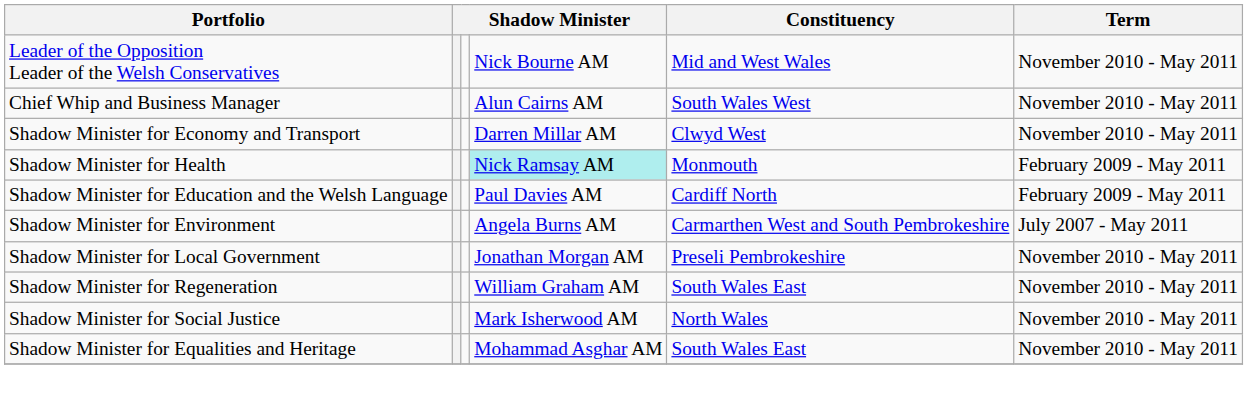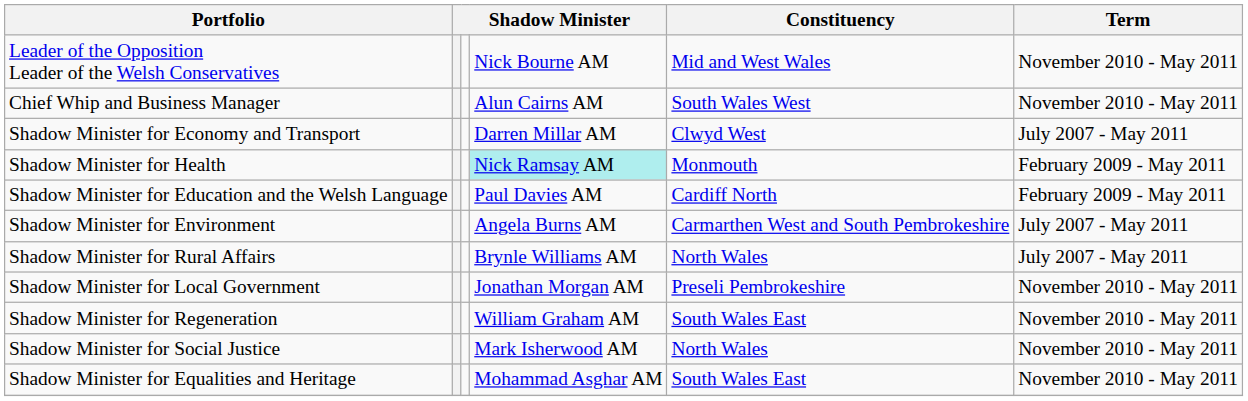 <table class="wikitable">
 <tr>
 <th colspan="1">Portfolio</th>
 <th colspan="3">Shadow Minister</th>
 <th colspan="1">Constituency</th>
 <th colspan="1">Term</th>
 </tr>
 <tr>
 <td><a href='#'>Leader of the Opposition</a> <br> Leader of the <a href='#'>Welsh Conservatives</a></td>
 <th style="background: "></th>
 <td></td>
 <td><a href='#'>Nick Bourne</a> AM</td>
 <td><a href='#'>Mid and West Wales</a></td>
 <td>November 2010 - May 2011</td>
 </tr>
 <tr>
 <td>Chief Whip and Business Manager</td>
 <th style="background: "></th>
 <td></td>
 <td><a href='#'>Alun Cairns</a> AM</td>
 <td><a href='#'>South Wales West</a></td>
 <td>November 2010 - May 2011</td>
 </tr>
 <tr>
 <td>Shadow Minister for Economy and Transport</td>
 <th style="background: "></th>
 <td></td>
 <td><a href='#'>Darren Millar</a> AM</td>
 <td><a href='#'>Clwyd West</a></td>
-<td>November 2010 - May 2011</td>
+<td>July 2007 - May 2011</td>
 </tr>
 <tr>
 <td>Shadow Minister for Health</td>
 <th style="background: "></th>
 <td></td>
 <td style="background: paleturquoise;"><a href='#'>Nick Ramsay</a> AM</td>
 <td><a href='#'>Monmouth</a></td>
 <td>February 2009 - May 2011</td>
 </tr>
 <tr>
 <td>Shadow Minister for Education and the Welsh Language</td>
 <th style="background: "></th>
 <td></td>
 <td><a href='#'>Paul Davies</a> AM</td>
 <td><a href='#'>Cardiff North</a></td>
 <td>February 2009 - May 2011</td>
 </tr>
 <tr>
 <td>Shadow Minister for Environment</td>
 <th style="background: "></th>
 <td></td>
 <td><a href='#'>Angela Burns</a> AM</td>
 <td><a href='#'>Carmarthen West and South Pembrokeshire</a></td>
+<td>July 2007 - May 2011</td>
+</tr>
+<tr>
+<td>Shadow Minister for Rural Affairs</td>
+<th style="background: "></th>
+<td></td>
+<td><a href='#'>Brynle Williams</a> AM</td>
+<td><a href='#'>North Wales</a></td>
 <td>July 2007 - May 2011</td>
 </tr>
 <tr>
 <td>Shadow Minister for Local Government</td>
 <th style="background: "></th>
 <td></td>
 <td><a href='#'>Jonathan Morgan</a> AM</td>
 <td><a href='#'>Preseli Pembrokeshire</a></td>
 <td>November 2010 - May 2011</td>
 </tr>
 <tr>
 <td>Shadow Minister for Regeneration</td>
 <th style="background: "></th>
 <td></td>
 <td><a href='#'>William Graham</a> AM</td>
 <td><a href='#'>South Wales East</a></td>
 <td>November 2010 - May 2011</td>
 </tr>
 <tr>
 <td>Shadow Minister for Social Justice</td>
 <th style="background: "></th>
 <td></td>
 <td><a href='#'>Mark Isherwood</a> AM</td>
 <td><a href='#'>North Wales</a></td>
 <td>November 2010 - May 2011</td>
 </tr>
 <tr>
 <td>Shadow Minister for Equalities and Heritage</td>
 <th style="background: "></th>
 <td></td>
 <td><a href='#'>Mohammad Asghar</a> AM</td>
 <td><a href='#'>South Wales East</a></td>
 <td>November 2010 - May 2011</td>
 </tr>
 <tr>
 </tr>
 </table>
